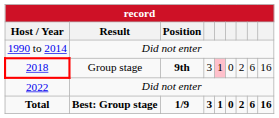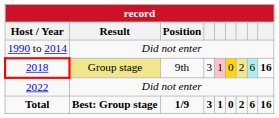 <table class="wikitable" style="text-align: center;">
 <tr>
 <th style="background: #CE1126; color: #FFFFFF;" colspan=9><a href='#'></a> record</th>
 </tr>
 <tr>
 <th>Host / Year</th>
 <th>Result</th>
 <th>Position</th>
 <th></th>
 <th></th>
 <th></th>
 <th></th>
 <th></th>
 <th></th>
 </tr>
 <tr>
 <td><a href='#'>1990</a> to <a href='#'>2014</a></td>
 <td rowspan=1 colspan=8><em>Did not enter</em></td>
 </tr>
 <tr>
 <td style="border:3px solid red"> <a href='#'>2018</a></td>
-<td>Group stage</td>
-<td><strong>9th</strong></td>
+<td style="background: khaki;">Group stage</td>
+<td>9th</td>
 <td>3</td>
 <td style="background: pink;">1</td>
-<td>0</td>
-<td>2</td>
-<td>6</td>
-<td>16</td>
+<td style="background: gold;">0</td>
+<td style="background: khaki;">2</td>
+<td style="background: paleturquoise;">6</td>
+<td><strong>16</strong></td>
 </tr>
 <tr>
 <td> <a href='#'>2022</a></td>
 <td colspan=8><em>Did not enter</em></td>
 </tr>
 <tr>
 <td><strong>Total</strong></td>
 <td><strong>Best: Group stage</strong></td>
 <td><strong>1/9</strong></td>
 <td><strong>3</strong></td>
 <td><strong>1</strong></td>
 <td><strong>0</strong></td>
 <td><strong>2</strong></td>
 <td><strong>6</strong></td>
 <td><strong>16</strong></td>
 </tr>
 </table>
